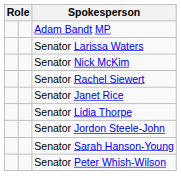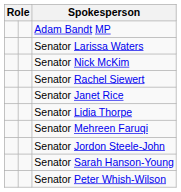 <table class="wikitable" style="text-align:left; font-size:95%">
 <tr>
 <th colspan=2>Role</th>
 <th>Spokesperson</th>
 </tr>
 <tr>
 <td style="background-color: "></td>
 <td></td>
 <td><a href='#'>Adam Bandt</a> <a href='#'>MP</a></td>
 </tr>
 <tr>
 <td style="background-color: "></td>
 <td></td>
 <td>Senator <a href='#'>Larissa Waters</a></td>
 </tr>
 <tr>
 <td style="background-color: "></td>
 <td></td>
 <td>Senator <a href='#'>Nick McKim</a></td>
 </tr>
 <tr>
 <td style="background-color: "></td>
 <td></td>
 <td>Senator <a href='#'>Rachel Siewert</a></td>
 </tr>
 <tr>
 <td style="background-color: "></td>
 <td></td>
 <td>Senator <a href='#'>Janet Rice</a></td>
 </tr>
 <tr>
 <td style="background-color: "></td>
 <td></td>
 <td>Senator <a href='#'>Lidia Thorpe</a></td>
 </tr>
 <tr>
 <td style="background-color: "></td>
 <td></td>
+<td>Senator <a href='#'>Mehreen Faruqi</a></td>
+</tr>
+<tr>
+<td style="background-color: "></td>
+<td></td>
 <td>Senator <a href='#'>Jordon Steele-John</a></td>
 </tr>
 <tr>
 <td style="background-color: "></td>
 <td></td>
 <td>Senator <a href='#'>Sarah Hanson-Young</a></td>
 </tr>
 <tr>
 <td style="background-color: "></td>
 <td></td>
 <td>Senator <a href='#'>Peter Whish-Wilson</a></td>
 </tr>
 </table>
